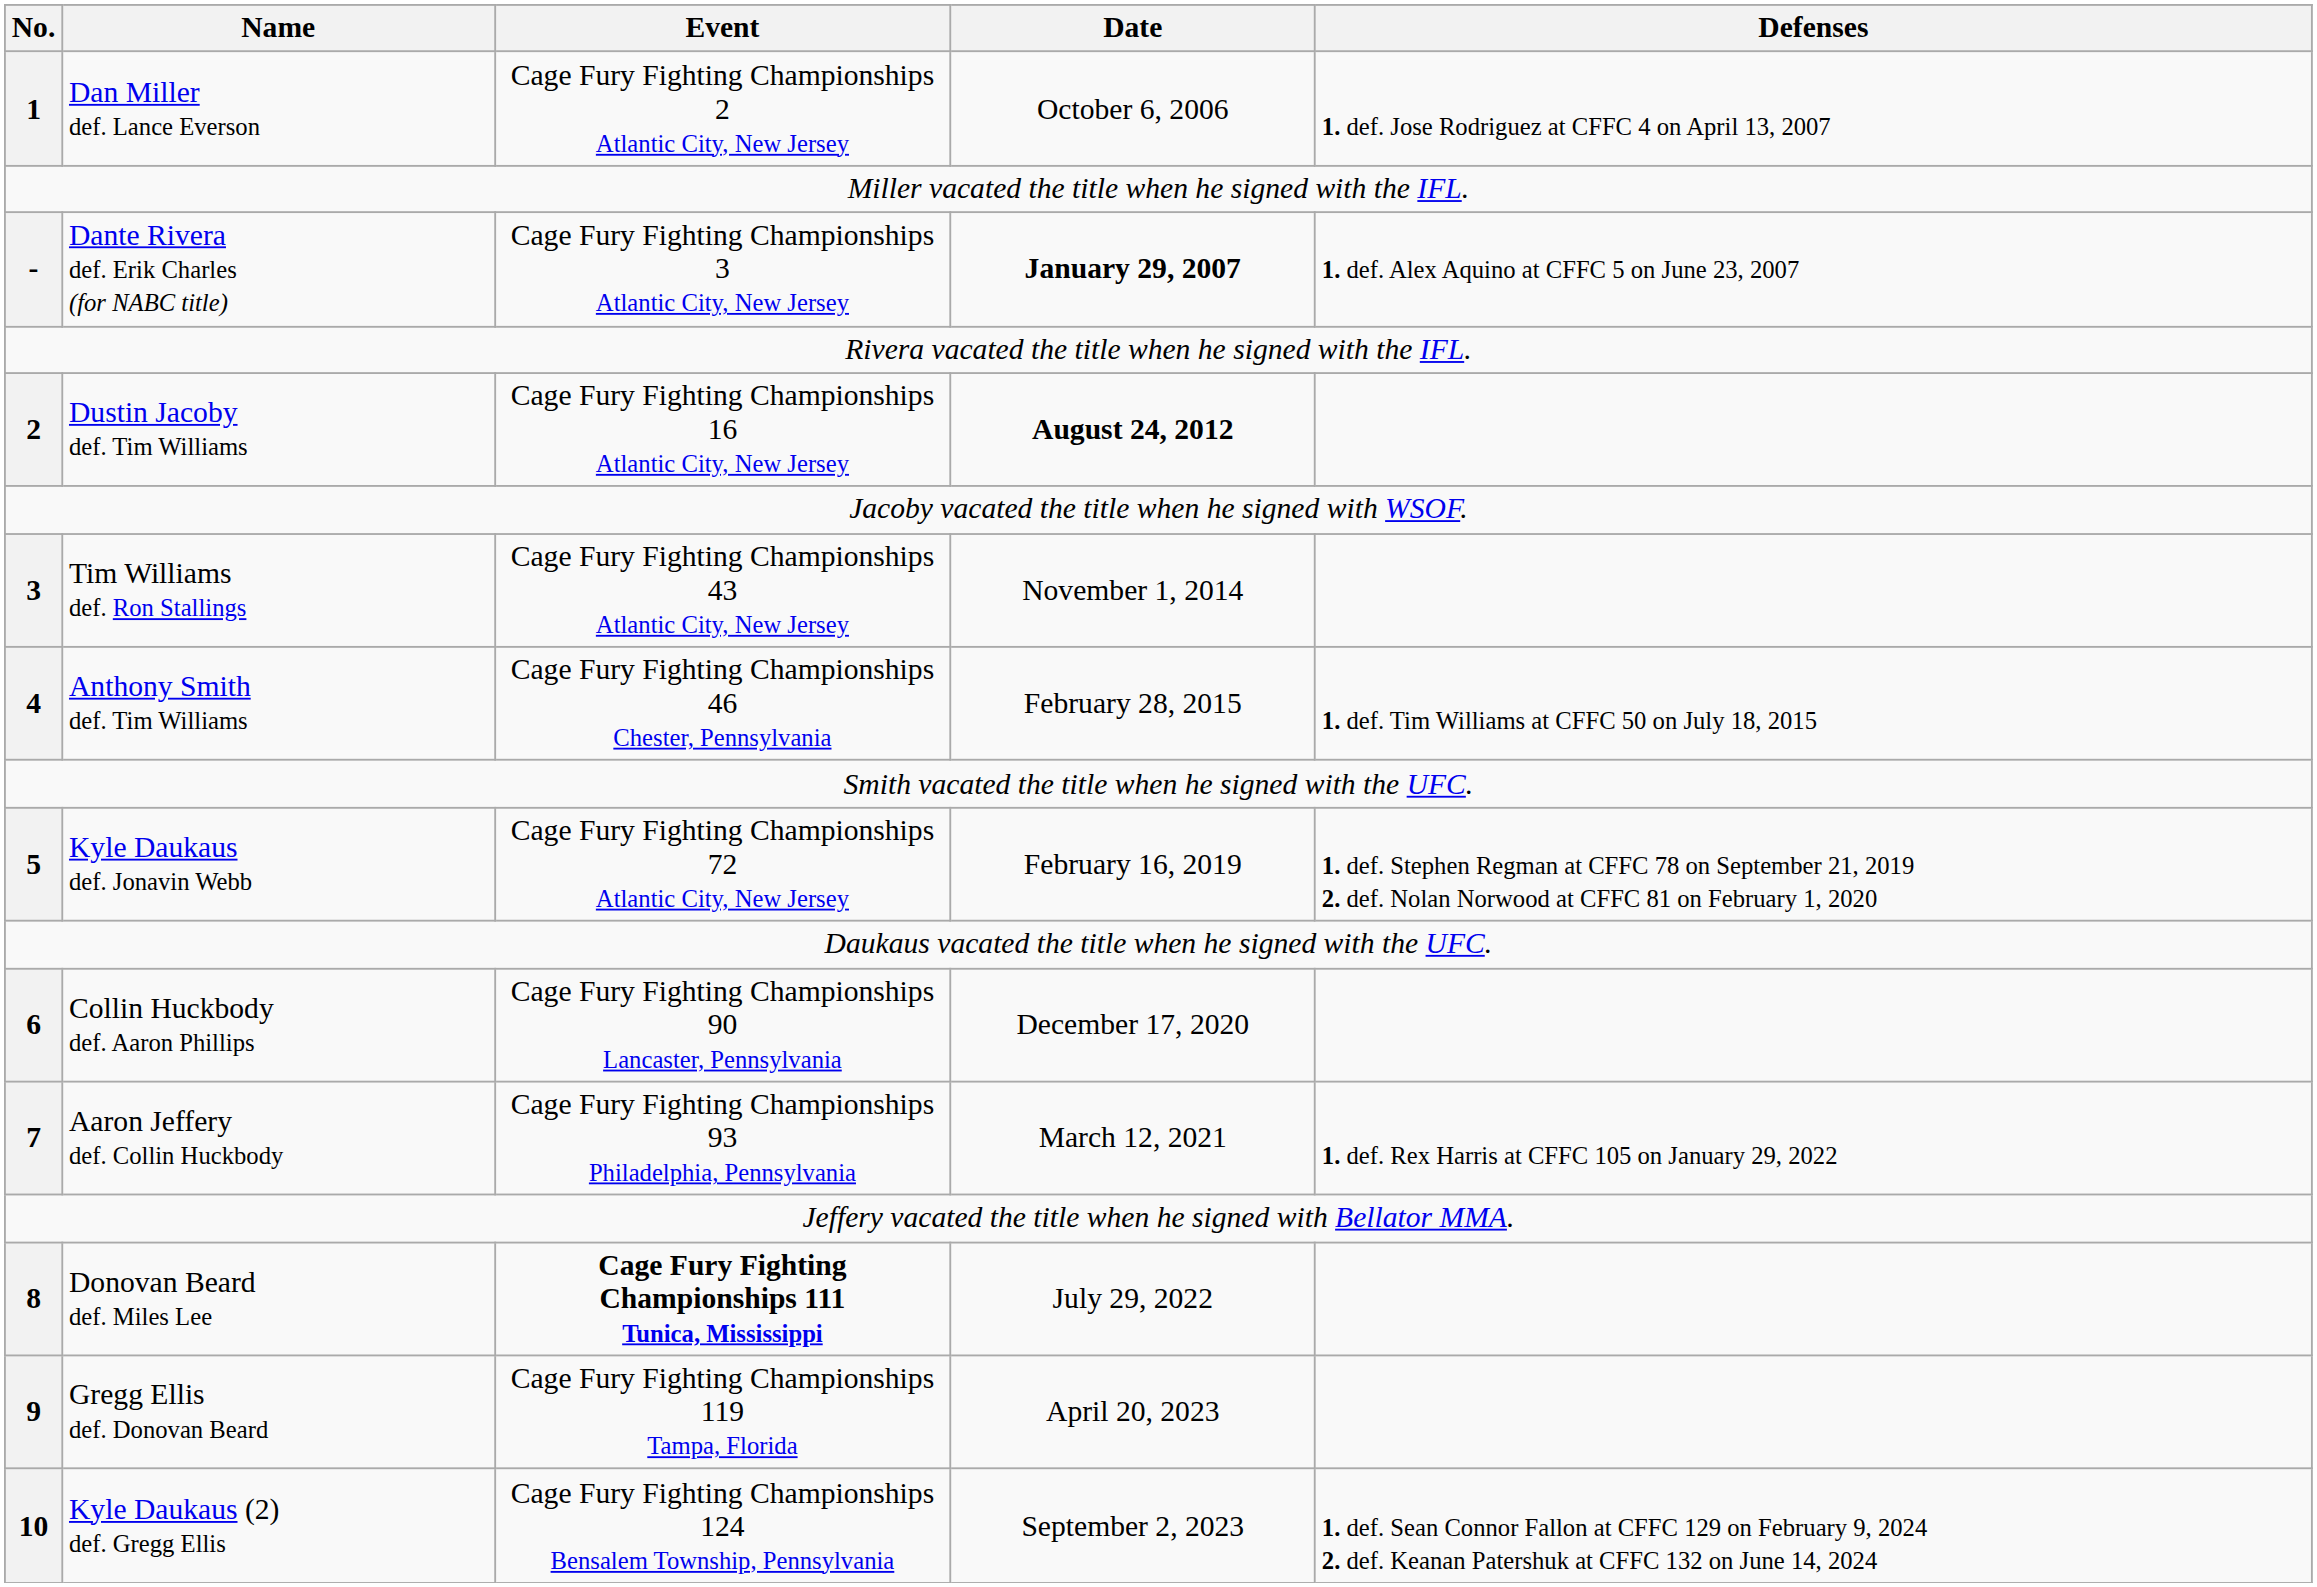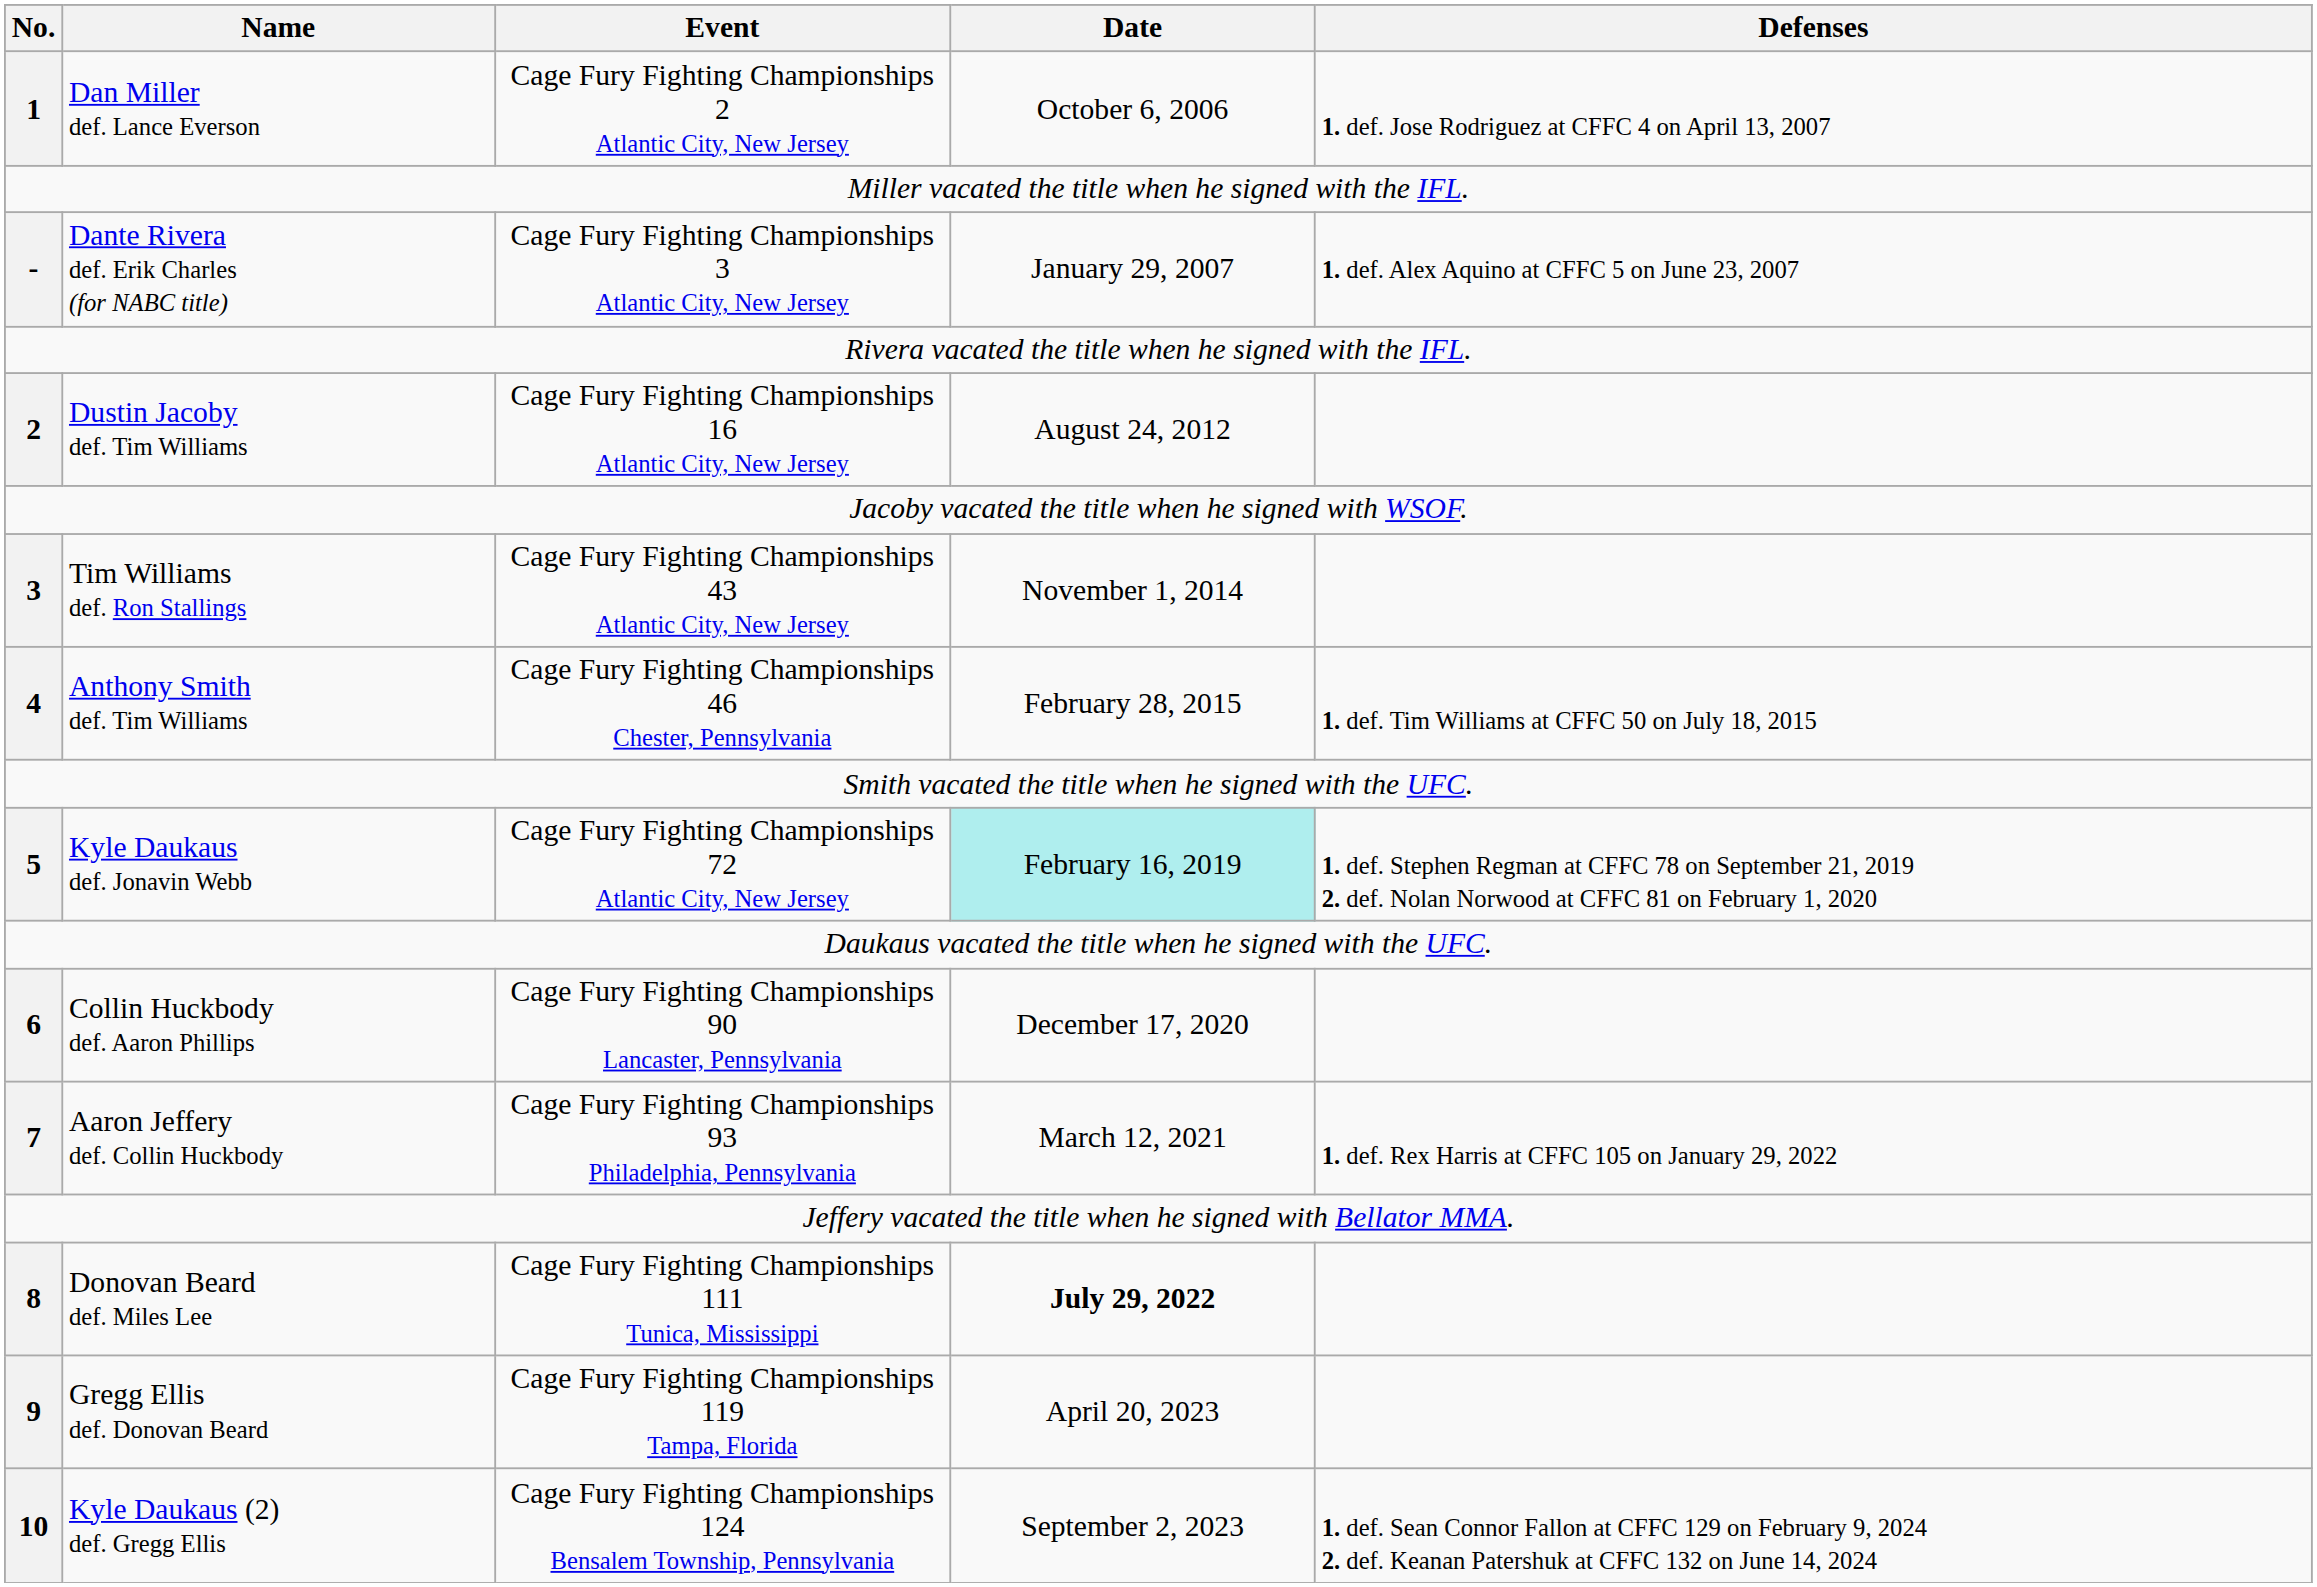 <table class="wikitable">
 <tr>
 <th width=1%>No.</th>
 <th width=19%>Name</th>
 <th width=20%>Event</th>
 <th width=16%>Date</th>
 <th width=44%>Defenses</th>
 </tr>
 <tr>
 <th>1</th>
 <td style="text-align:left"> <a href='#'>Dan Miller</a><br><small>def. Lance Everson</small></td>
 <td style="text-align:center">Cage Fury Fighting Championships 2<br><small><a href='#'>Atlantic City, New Jersey</a></small></td>
 <td style="text-align:center">October 6, 2006</td>
 <td><br><small><strong>1.</strong> def. Jose Rodriguez at CFFC 4 on April 13, 2007</small></td>
 </tr>
 <tr>
 <td style="text-align:center" colspan="5"><em>Miller vacated the title when he signed with the <a href='#'>IFL</a>.</em></td>
 </tr>
 <tr>
 <th>-</th>
 <td style="text-align:left"> <a href='#'>Dante Rivera</a><br><small>def. Erik Charles <br><em>(for NABC title)</em> </small></td>
 <td style="text-align:center">Cage Fury Fighting Championships 3<br><small><a href='#'>Atlantic City, New Jersey</a></small></td>
-<td style="text-align:center"><strong>January 29, 2007</strong></td>
+<td style="text-align:center">January 29, 2007</td>
 <td><small><strong>1.</strong> def. Alex Aquino at CFFC 5 on June 23, 2007</small></td>
 </tr>
 <tr>
 <td style="text-align:center" colspan="5"><em>Rivera vacated the title when he signed with the <a href='#'>IFL</a>.</em></td>
 </tr>
 <tr>
 <th>2</th>
 <td style="text-align:left"> <a href='#'>Dustin Jacoby</a><br><small>def. Tim Williams</small></td>
 <td style="text-align:center">Cage Fury Fighting Championships 16<br><small><a href='#'>Atlantic City, New Jersey</a></small></td>
-<td style="text-align:center"><strong>August 24, 2012</strong></td>
+<td style="text-align:center">August 24, 2012</td>
 <td></td>
 </tr>
 <tr>
 <td style="text-align:center" colspan="5"><em>Jacoby vacated the title when he signed with <a href='#'>WSOF</a>.</em></td>
 </tr>
 <tr>
 <th>3</th>
 <td style="text-align:left"> Tim Williams<br><small>def. <a href='#'>Ron Stallings</a></small></td>
 <td style="text-align:center">Cage Fury Fighting Championships 43<br><small><a href='#'>Atlantic City, New Jersey</a></small></td>
 <td style="text-align:center">November 1, 2014</td>
 <td></td>
 </tr>
 <tr>
 <th>4</th>
 <td style="text-align:left"> <a href='#'>Anthony Smith</a><br><small>def. Tim Williams</small></td>
 <td style="text-align:center">Cage Fury Fighting Championships 46<br><small><a href='#'>Chester, Pennsylvania</a></small></td>
 <td style="text-align:center">February 28, 2015</td>
 <td><br><small><strong>1.</strong> def. Tim Williams at CFFC 50 on July 18, 2015</small></td>
 </tr>
 <tr>
 <td style="text-align:center" colspan="5"><em>Smith vacated the title when he signed with the <a href='#'>UFC</a>.</em></td>
 </tr>
 <tr>
 <th>5</th>
 <td style="text-align:left"> <a href='#'>Kyle Daukaus</a><br><small>def. Jonavin Webb</small></td>
 <td style="text-align:center">Cage Fury Fighting Championships 72<br><small><a href='#'>Atlantic City, New Jersey</a></small></td>
-<td style="text-align:center">February 16, 2019</td>
+<td style="background: paleturquoise; text-align:center">February 16, 2019</td>
 <td><br><small><strong>1.</strong> def. Stephen Regman at CFFC 78 on September 21, 2019<br> <strong>2.</strong> def. Nolan Norwood at CFFC 81 on February 1, 2020</small></td>
 </tr>
 <tr>
 <td style="text-align:center" colspan="5"><em>Daukaus vacated the title when he signed with the <a href='#'>UFC</a>.</em></td>
 </tr>
 <tr>
 <th>6</th>
 <td style="text-align:left"> Collin Huckbody<br><small>def. Aaron Phillips</small></td>
 <td style="text-align:center">Cage Fury Fighting Championships 90<br><small><a href='#'>Lancaster, Pennsylvania</a></small></td>
 <td style="text-align:center">December 17, 2020</td>
 <td></td>
 </tr>
 <tr>
 <th>7</th>
 <td style="text-align:left"> Aaron Jeffery<br><small>def. Collin Huckbody</small></td>
 <td style="text-align:center">Cage Fury Fighting Championships 93<br><small><a href='#'>Philadelphia, Pennsylvania</a></small></td>
 <td style="text-align:center">March 12, 2021</td>
 <td><br><small><strong>1.</strong> def. Rex Harris at CFFC 105 on January 29, 2022<br></small></td>
 </tr>
 <tr>
 <td style="text-align:center" colspan="5"><em>Jeffery vacated the title when he signed with <a href='#'>Bellator MMA</a>.</em></td>
 </tr>
 <tr>
 <th>8</th>
 <td style="text-align:left"> Donovan Beard<br><small>def. Miles Lee</small></td>
-<td style="text-align:center"><strong>Cage Fury Fighting Championships 111<br><small><a href='#'>Tunica, Mississippi</a></small></strong></td>
-<td style="text-align:center">July 29, 2022</td>
+<td style="text-align:center">Cage Fury Fighting Championships 111<br><small><a href='#'>Tunica, Mississippi</a></small></td>
+<td style="text-align:center"><strong>July 29, 2022</strong></td>
 <td></td>
 </tr>
 <tr>
 <th>9</th>
 <td style="text-align:left"> Gregg Ellis<br><small>def. Donovan Beard</small></td>
 <td style="text-align:center">Cage Fury Fighting Championships 119<br><small><a href='#'>Tampa, Florida</a></small></td>
 <td style="text-align:center">April 20, 2023</td>
 <td></td>
 </tr>
 <tr>
 <th>10</th>
 <td style="text-align:left"> <a href='#'>Kyle Daukaus</a> (2)<br><small>def. Gregg Ellis</small></td>
 <td style="text-align:center">Cage Fury Fighting Championships 124<br><small><a href='#'>Bensalem Township, Pennsylvania</a></small></td>
 <td style="text-align:center">September 2, 2023</td>
 <td><br><small><strong>1.</strong> def. Sean Connor Fallon at CFFC 129 on February 9, 2024<br> <strong>2.</strong> def. Keanan Patershuk at CFFC 132 on June 14, 2024</small></td>
 </tr>
 </table>
